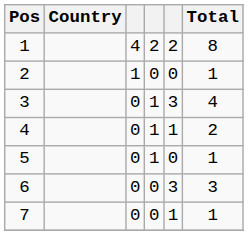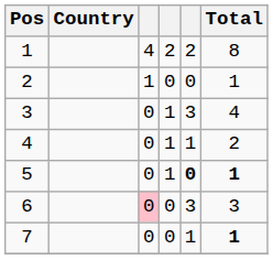 <table class=wikitable style="font-size:95%; text-align: center">
 <tr>
 <th>Pos</th>
 <th>Country</th>
 <th></th>
 <th></th>
 <th></th>
 <th>Total</th>
 </tr>
 <tr>
 <td>1</td>
 <td style=text-align:left></td>
 <td>4</td>
 <td>2</td>
 <td>2</td>
 <td>8</td>
 </tr>
 <tr>
 <td>2</td>
 <td style=text-align:left></td>
 <td>1</td>
 <td>0</td>
 <td>0</td>
 <td>1</td>
 </tr>
 <tr>
 <td>3</td>
 <td style=text-align:left></td>
 <td>0</td>
 <td>1</td>
 <td>3</td>
 <td>4</td>
 </tr>
 <tr>
 <td>4</td>
 <td style=text-align:left></td>
 <td>0</td>
 <td>1</td>
 <td>1</td>
 <td>2</td>
 </tr>
 <tr>
 <td>5</td>
 <td style=text-align:left></td>
 <td>0</td>
 <td>1</td>
-<td>0</td>
-<td>1</td>
+<td><strong>0</strong></td>
+<td><strong>1</strong></td>
 </tr>
 <tr>
 <td>6</td>
 <td style=text-align:left></td>
-<td>0</td>
+<td style="background: pink;">0</td>
 <td>0</td>
 <td>3</td>
 <td>3</td>
 </tr>
 <tr>
 <td>7</td>
 <td style=text-align:left></td>
 <td>0</td>
 <td>0</td>
 <td>1</td>
-<td>1</td>
+<td><strong>1</strong></td>
 </tr>
 <tr>
 </tr>
 </table>
